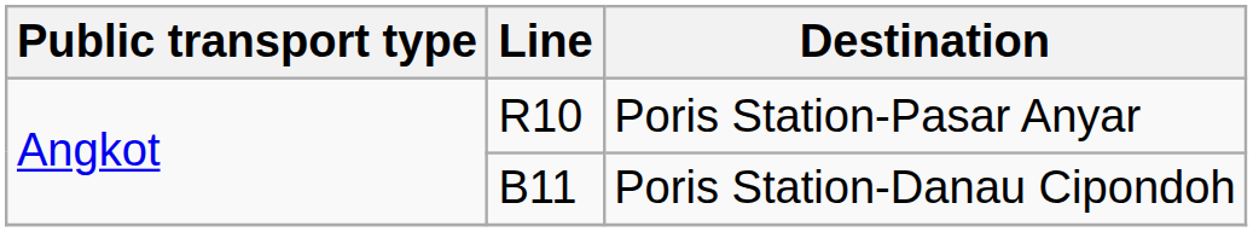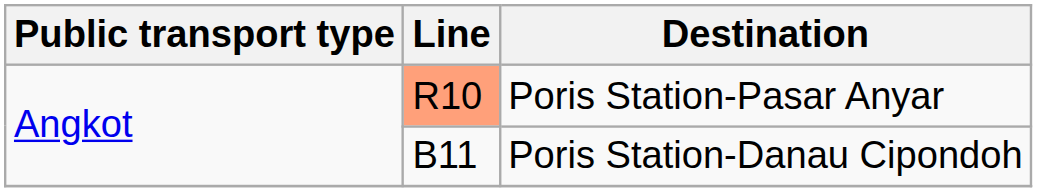 <table class=wikitable>
 <tr>
 <th>Public transport type</th>
 <th>Line</th>
 <th>Destination</th>
 </tr>
 <tr>
 <td rowspan=2><a href='#'>Angkot</a></td>
-<td>R10</td>
+<td style="background: lightsalmon;">R10</td>
 <td>Poris Station-Pasar Anyar</td>
 </tr>
 <tr>
 <td>B11</td>
 <td>Poris Station-Danau Cipondoh</td>
 </tr>
 <tr>
 </tr>
 </table>
